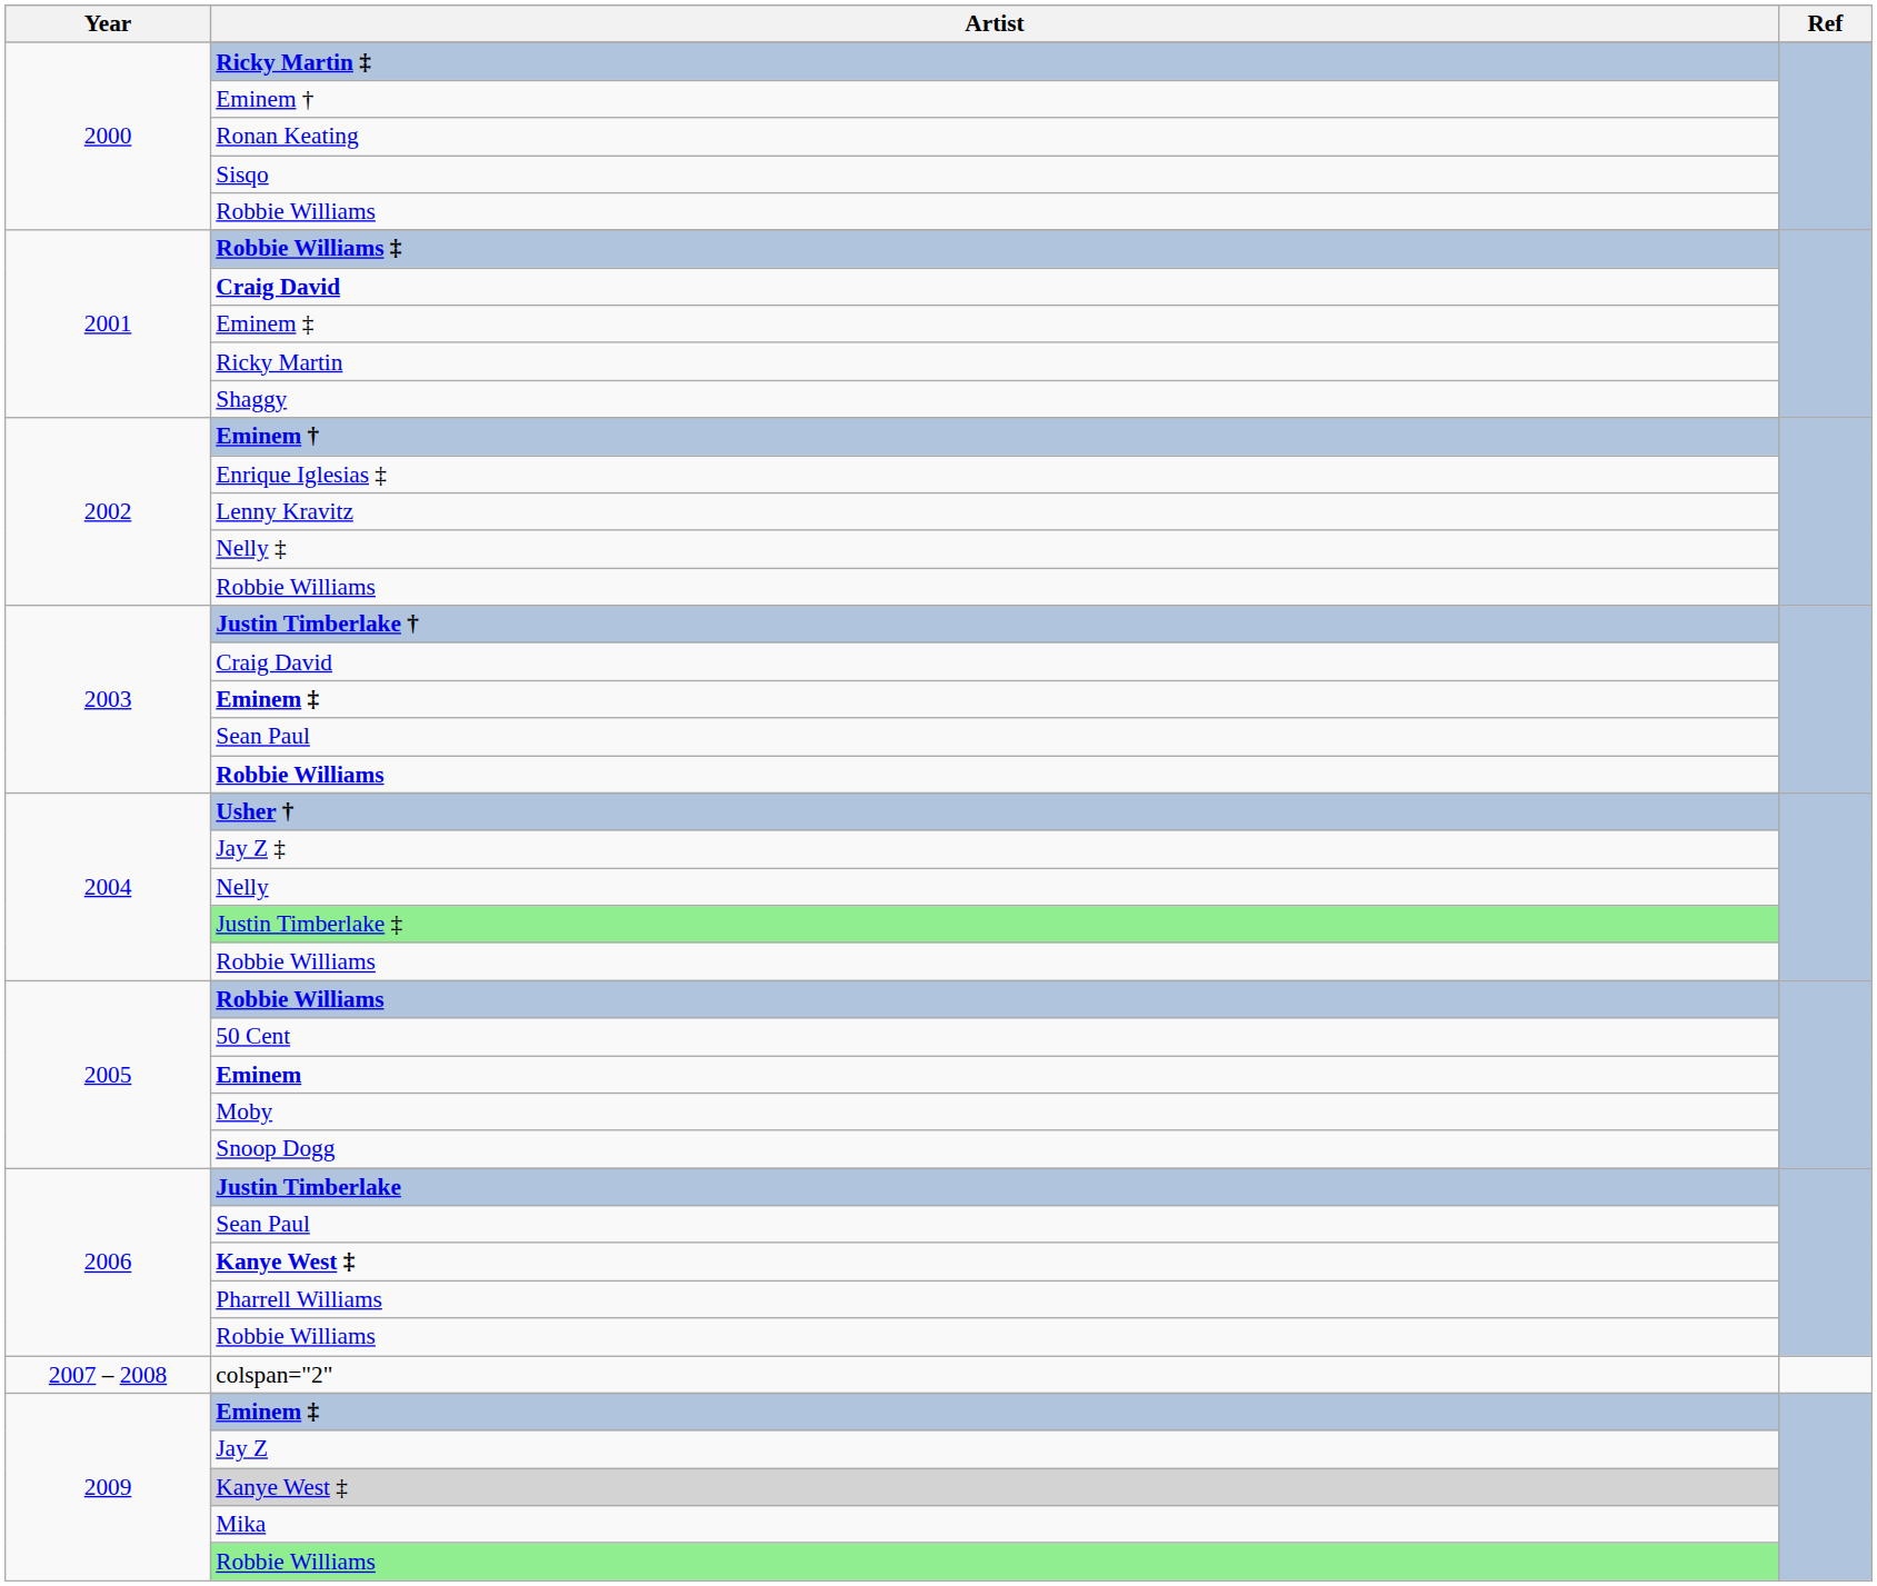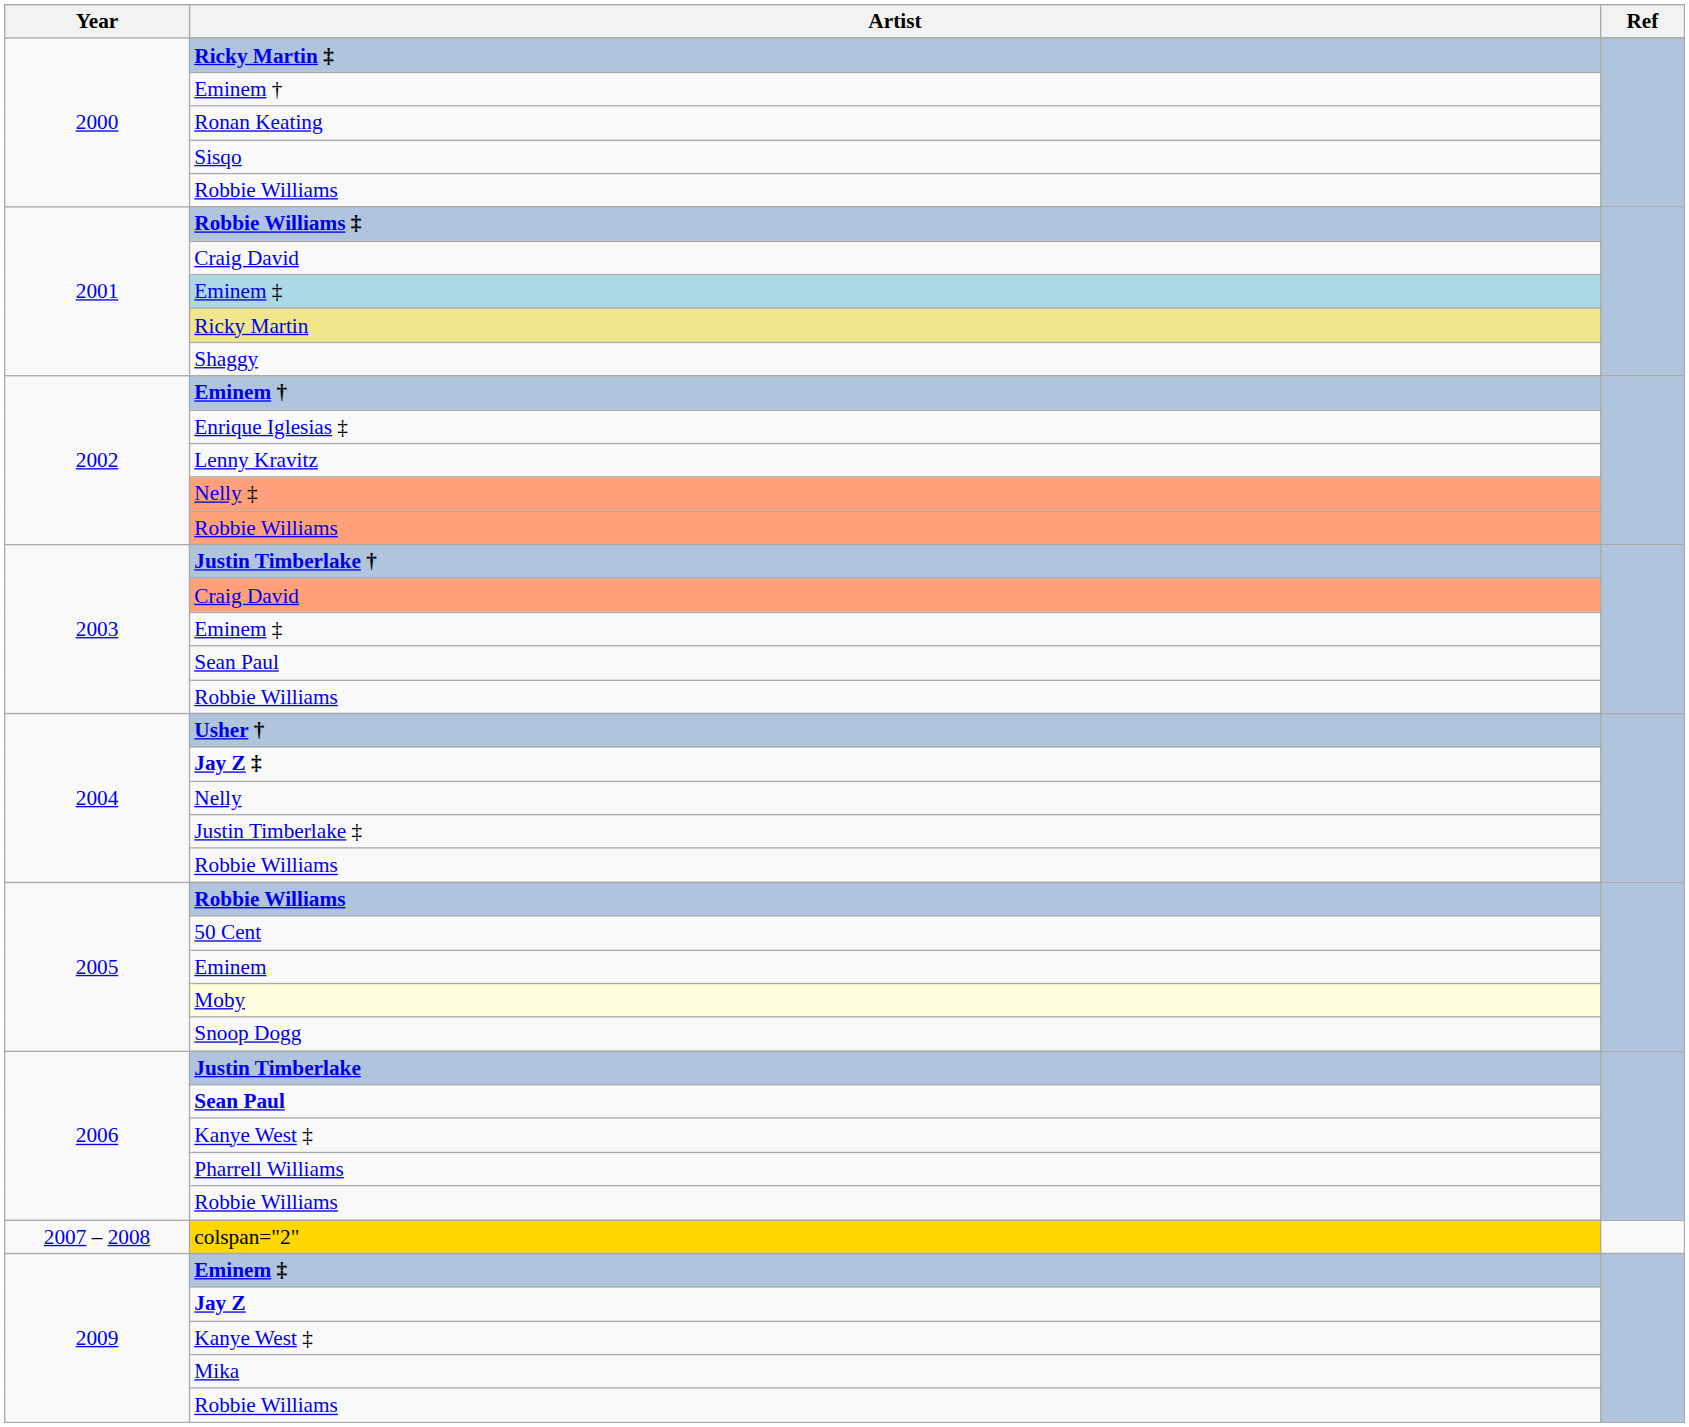 <table class="wikitable" style="width:100%;">
 <tr style="background:#bebebe;">
 <th style="width:11%;">Year</th>
 <th style="width:84%;">Artist</th>
 <th style="width:5%;">Ref</th>
 </tr>
 <tr>
 <td rowspan="6" align="center"><a href='#'>2000</a></td>
 </tr>
 <tr style="background:#B0C4DE">
 <td><strong><a href='#'>Ricky Martin</a> ‡</strong></td>
 <td rowspan="6" align="center"></td>
 </tr>
 <tr>
 <td><a href='#'>Eminem</a> †</td>
 </tr>
 <tr>
 <td><a href='#'>Ronan Keating</a></td>
 </tr>
 <tr>
 <td><a href='#'>Sisqo</a></td>
 </tr>
 <tr>
 <td><a href='#'>Robbie Williams</a></td>
 </tr>
 <tr>
 <td rowspan="6" align="center"><a href='#'>2001</a></td>
 </tr>
 <tr style="background:#B0C4DE">
 <td><strong><a href='#'>Robbie Williams</a> ‡</strong></td>
 <td rowspan="6" align="center"></td>
 </tr>
 <tr>
-<td><strong><a href='#'>Craig David</a></strong></td>
+<td><a href='#'>Craig David</a></td>
 </tr>
 <tr>
-<td><a href='#'>Eminem</a> ‡</td>
+<td style="background: lightblue;"><a href='#'>Eminem</a> ‡</td>
 </tr>
 <tr>
-<td><a href='#'>Ricky Martin</a></td>
+<td style="background: khaki;"><a href='#'>Ricky Martin</a></td>
 </tr>
 <tr>
 <td><a href='#'>Shaggy</a></td>
 </tr>
 <tr>
 <td rowspan="6" align="center"><a href='#'>2002</a></td>
 </tr>
 <tr style="background:#B0C4DE">
 <td><strong><a href='#'>Eminem</a> †</strong></td>
 <td rowspan="6" align="center"></td>
 </tr>
 <tr>
 <td><a href='#'>Enrique Iglesias</a> ‡</td>
 </tr>
 <tr>
 <td><a href='#'>Lenny Kravitz</a></td>
 </tr>
 <tr>
-<td><a href='#'>Nelly</a> ‡</td>
+<td style="background: lightsalmon;"><a href='#'>Nelly</a> ‡</td>
 </tr>
 <tr>
-<td><a href='#'>Robbie Williams</a></td>
+<td style="background: lightsalmon;"><a href='#'>Robbie Williams</a></td>
 </tr>
 <tr>
 <td rowspan="6" align="center"><a href='#'>2003</a></td>
 </tr>
 <tr style="background:#B0C4DE">
 <td><strong><a href='#'>Justin Timberlake</a> †</strong></td>
 <td rowspan="6" align="center"></td>
 </tr>
 <tr>
-<td><a href='#'>Craig David</a></td>
+<td style="background: lightsalmon;"><a href='#'>Craig David</a></td>
 </tr>
 <tr>
-<td><strong><a href='#'>Eminem</a> ‡</strong></td>
+<td><a href='#'>Eminem</a> ‡</td>
 </tr>
 <tr>
 <td><a href='#'>Sean Paul</a></td>
 </tr>
 <tr>
-<td><strong><a href='#'>Robbie Williams</a></strong></td>
+<td><a href='#'>Robbie Williams</a></td>
 </tr>
 <tr>
 <td rowspan="6" align="center"><a href='#'>2004</a></td>
 </tr>
 <tr style="background:#B0C4DE">
 <td><strong><a href='#'>Usher</a> †</strong></td>
 <td rowspan="6" align="center"></td>
 </tr>
 <tr>
-<td><a href='#'>Jay Z</a> ‡</td>
+<td><strong><a href='#'>Jay Z</a> ‡</strong></td>
 </tr>
 <tr>
 <td><a href='#'>Nelly</a></td>
 </tr>
 <tr>
-<td style="background: lightgreen;"><a href='#'>Justin Timberlake</a> ‡</td>
+<td><a href='#'>Justin Timberlake</a> ‡</td>
 </tr>
 <tr>
 <td><a href='#'>Robbie Williams</a></td>
 </tr>
 <tr>
 <td rowspan="6" align="center"><a href='#'>2005</a></td>
 </tr>
 <tr style="background:#B0C4DE">
 <td><strong><a href='#'>Robbie Williams</a></strong></td>
 <td rowspan="6" align="center"></td>
 </tr>
 <tr>
 <td><a href='#'>50 Cent</a></td>
 </tr>
 <tr>
-<td><strong><a href='#'>Eminem</a></strong></td>
+<td><a href='#'>Eminem</a></td>
 </tr>
 <tr>
-<td><a href='#'>Moby</a></td>
+<td style="background: lightyellow;"><a href='#'>Moby</a></td>
 </tr>
 <tr>
 <td><a href='#'>Snoop Dogg</a></td>
 </tr>
 <tr>
 <td rowspan="6" align="center"><a href='#'>2006</a></td>
 </tr>
 <tr style="background:#B0C4DE">
 <td><strong><a href='#'>Justin Timberlake</a></strong></td>
 <td rowspan="5" align="center"></td>
 </tr>
 <tr>
-<td><a href='#'>Sean Paul</a></td>
+<td><strong><a href='#'>Sean Paul</a></strong></td>
 </tr>
 <tr>
-<td><strong><a href='#'>Kanye West</a> ‡</strong></td>
+<td><a href='#'>Kanye West</a> ‡</td>
 </tr>
 <tr>
 <td><a href='#'>Pharrell Williams</a></td>
 </tr>
 <tr>
 <td><a href='#'>Robbie Williams</a></td>
 </tr>
 <tr>
 <td align="center"><a href='#'>2007</a> – <a href='#'>2008</a></td>
-<td>colspan="2" </td>
+<td style="background: gold;">colspan="2" </td>
 </tr>
 <tr>
 <td rowspan="6" align="center"><a href='#'>2009</a></td>
 </tr>
 <tr style="background:#B0C4DE">
 <td><strong><a href='#'>Eminem</a> ‡</strong></td>
 <td rowspan="6" align="center"></td>
 </tr>
 <tr>
-<td><a href='#'>Jay Z</a></td>
+<td><strong><a href='#'>Jay Z</a></strong></td>
 </tr>
 <tr>
-<td style="background: lightgrey;"><a href='#'>Kanye West</a> ‡</td>
+<td><a href='#'>Kanye West</a> ‡</td>
 </tr>
 <tr>
 <td><a href='#'>Mika</a></td>
 </tr>
 <tr>
-<td style="background: lightgreen;"><a href='#'>Robbie Williams</a></td>
+<td><a href='#'>Robbie Williams</a></td>
 </tr>
 </table>
